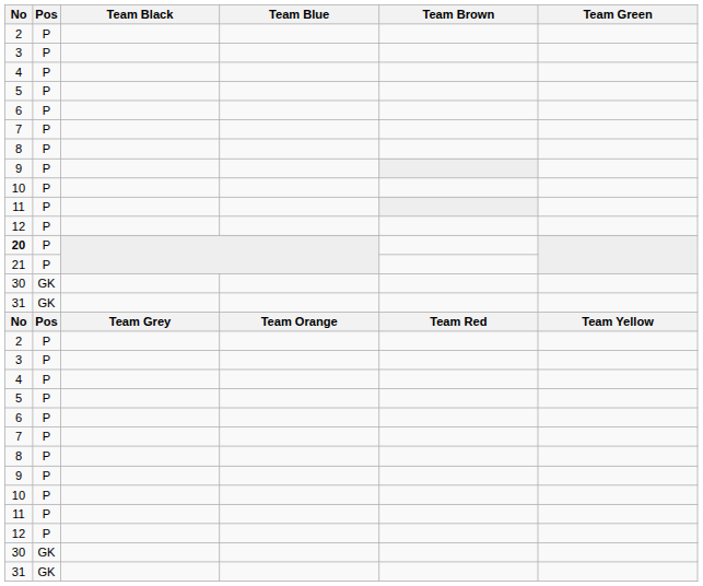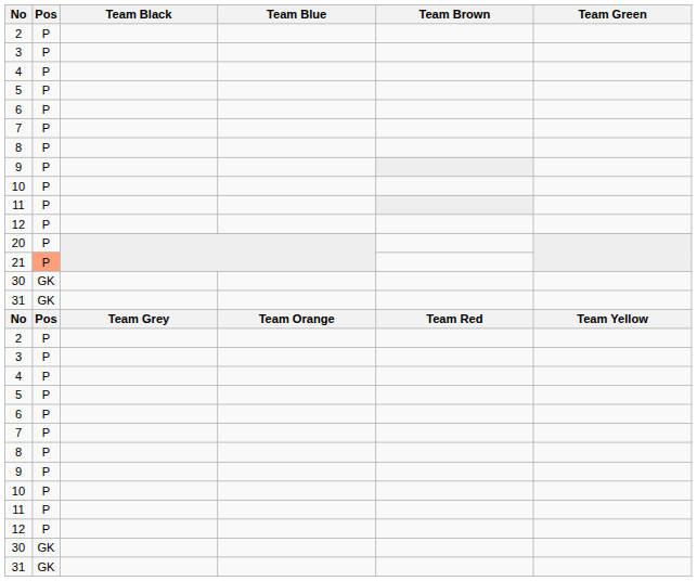 <table class="wikitable" style="font-size:95%">
 <tr>
 <th width=4%>No</th>
 <th width=4%>Pos</th>
 <th width=23%> Team Black</th>
 <th width=23%> Team Blue</th>
 <th width=23%> Team Brown</th>
 <th width=23%> Team Green</th>
 </tr>
 <tr>
 <td align=center>2</td>
 <td align=center>P</td>
 <td></td>
 <td></td>
 <td></td>
 <td></td>
 </tr>
 <tr>
 <td align=center>3</td>
 <td align=center>P</td>
 <td></td>
 <td></td>
 <td></td>
 <td></td>
 </tr>
 <tr>
 <td align=center>4</td>
 <td align=center>P</td>
 <td></td>
 <td></td>
 <td></td>
 <td></td>
 </tr>
 <tr>
 <td align=center>5</td>
 <td align=center>P</td>
 <td></td>
 <td></td>
 <td></td>
 <td></td>
 </tr>
 <tr>
 <td align=center>6</td>
 <td align=center>P</td>
 <td></td>
 <td></td>
 <td></td>
 <td></td>
 </tr>
 <tr>
 <td align=center>7</td>
 <td align=center>P</td>
 <td></td>
 <td></td>
 <td></td>
 <td></td>
 </tr>
 <tr>
 <td align=center>8</td>
 <td align=center>P</td>
 <td></td>
 <td></td>
 <td></td>
 <td></td>
 </tr>
 <tr>
 <td align=center>9</td>
 <td align=center>P</td>
 <td></td>
 <td></td>
 <td style="background:#eeeeee;"></td>
 <td></td>
 </tr>
 <tr>
 <td align=center>10</td>
 <td align=center>P</td>
 <td></td>
 <td></td>
 <td></td>
 <td></td>
 </tr>
 <tr>
 <td align=center>11</td>
 <td align=center>P</td>
 <td></td>
 <td></td>
 <td style="background:#eeeeee;"></td>
 <td></td>
 </tr>
 <tr>
 <td align=center>12</td>
 <td align=center>P</td>
 <td></td>
 <td></td>
 <td></td>
 <td></td>
 </tr>
 <tr>
-<td align=center><strong>20</strong></td>
+<td align=center>20</td>
 <td align=center>P</td>
 <td colspan=2 rowspan=2 style="background:#eeeeee;"></td>
 <td></td>
 <td rowspan=2 style="background:#eeeeee;"></td>
 </tr>
 <tr>
 <td align=center>21</td>
-<td align=center>P</td>
+<td align=center style="background: lightsalmon;">P</td>
 <td></td>
 </tr>
 <tr>
 <td align=center>30</td>
 <td align=center>GK</td>
 <td></td>
 <td></td>
 <td></td>
 <td></td>
 </tr>
 <tr>
 <td align=center>31</td>
 <td align=center>GK</td>
 <td></td>
 <td></td>
 <td></td>
 <td></td>
 </tr>
 <tr>
 <th>No</th>
 <th>Pos</th>
 <th> Team Grey</th>
 <th> Team Orange</th>
 <th> Team Red</th>
 <th> Team Yellow</th>
 </tr>
 <tr>
 <td align=center>2</td>
 <td align=center>P</td>
 <td></td>
 <td></td>
 <td></td>
 <td></td>
 </tr>
 <tr>
 <td align=center>3</td>
 <td align=center>P</td>
 <td></td>
 <td></td>
 <td></td>
 <td></td>
 </tr>
 <tr>
 <td align=center>4</td>
 <td align=center>P</td>
 <td></td>
 <td></td>
 <td></td>
 <td></td>
 </tr>
 <tr>
 <td align=center>5</td>
 <td align=center>P</td>
 <td></td>
 <td></td>
 <td></td>
 <td></td>
 </tr>
 <tr>
 <td align=center>6</td>
 <td align=center>P</td>
 <td></td>
 <td></td>
 <td></td>
 <td></td>
 </tr>
 <tr>
 <td align=center>7</td>
 <td align=center>P</td>
 <td></td>
 <td></td>
 <td></td>
 <td></td>
 </tr>
 <tr>
 <td align=center>8</td>
 <td align=center>P</td>
 <td></td>
 <td></td>
 <td></td>
 <td></td>
 </tr>
 <tr>
 <td align=center>9</td>
 <td align=center>P</td>
 <td></td>
 <td></td>
 <td></td>
 <td></td>
 </tr>
 <tr>
 <td align=center>10</td>
 <td align=center>P</td>
 <td></td>
 <td></td>
 <td></td>
 <td></td>
 </tr>
 <tr>
 <td align=center>11</td>
 <td align=center>P</td>
 <td></td>
 <td></td>
 <td></td>
 <td></td>
 </tr>
 <tr>
 <td align=center>12</td>
 <td align=center>P</td>
 <td></td>
 <td></td>
 <td></td>
 <td></td>
 </tr>
 <tr>
 <td align=center>30</td>
 <td align=center>GK</td>
 <td></td>
 <td></td>
 <td></td>
 <td></td>
 </tr>
 <tr>
 <td align=center>31</td>
 <td align=center>GK</td>
 <td></td>
 <td></td>
 <td></td>
 <td></td>
 </tr>
 </table>
